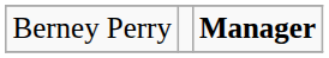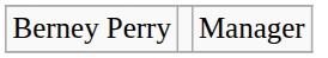 <table class="wikitable">
 <tr>
 </tr>
 <tr>
 <td>Berney Perry</td>
 <td></td>
-<td><strong>Manager</strong></td>
+<td>Manager</td>
 </tr>
 <tr>
 </tr>
 </table>
